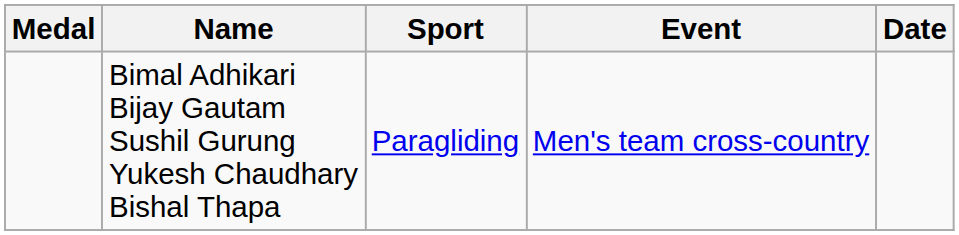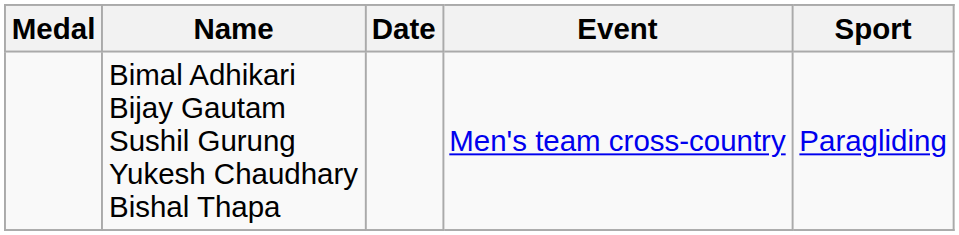 <table class="wikitable sortable"  style="font-size:95%">
 <tr>
 <th>Medal</th>
 <th>Name</th>
+<th>Date</th>
+<th>Event</th>
 <th>Sport</th>
-<th>Event</th>
-<th>Date</th>
 </tr>
 <tr>
 <td></td>
 <td>Bimal Adhikari<br>Bijay Gautam<br>Sushil Gurung<br>Yukesh Chaudhary<br>Bishal Thapa</td>
+<td></td>
+<td><a href='#'>Men's team cross-country</a></td>
 <td><a href='#'>Paragliding</a></td>
-<td><a href='#'>Men's team cross-country</a></td>
-<td></td>
 </tr>
 </table>
